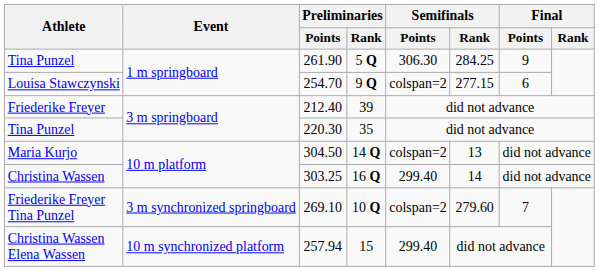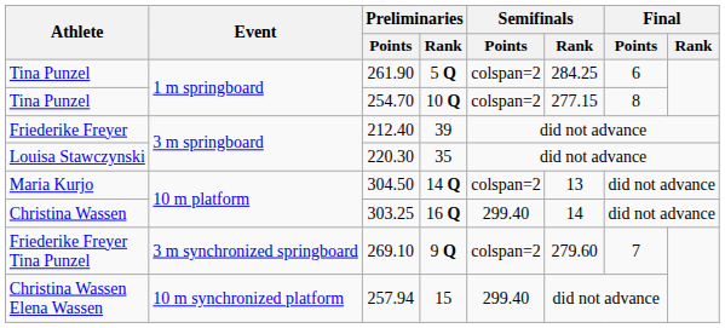 <table class=wikitable style="font-size:90%;">
 <tr>
 <th rowspan="2">Athlete</th>
 <th rowspan="2">Event</th>
 <th colspan="2">Preliminaries</th>
 <th colspan="2">Semifinals</th>
 <th colspan="2">Final</th>
 </tr>
 <tr style="font-size:95%">
 <th>Points</th>
 <th>Rank</th>
 <th>Points</th>
 <th>Rank</th>
 <th>Points</th>
 <th>Rank</th>
 </tr>
 <tr align=center>
 <td align=left><a href='#'>Tina Punzel</a></td>
 <td align=left rowspan=2><a href='#'>1 m springboard</a></td>
 <td>261.90</td>
 <td>5 <strong>Q</strong></td>
-<td>306.30</td>
+<td>colspan=2 </td>
 <td>284.25</td>
-<td>9</td>
+<td>6</td>
 </tr>
 <tr align=center>
-<td align=left><a href='#'>Louisa Stawczynski</a></td>
+<td align=left><a href='#'>Tina Punzel</a></td>
 <td>254.70</td>
-<td>9 <strong>Q</strong></td>
+<td>10 <strong>Q</strong></td>
 <td>colspan=2 </td>
 <td>277.15</td>
-<td>6</td>
+<td>8</td>
 </tr>
 <tr align=center>
 <td align=left><a href='#'>Friederike Freyer</a></td>
 <td align=left rowspan=2><a href='#'>3 m springboard</a></td>
 <td>212.40</td>
 <td>39</td>
 <td colspan=4>did not advance</td>
 </tr>
 <tr align=center>
-<td align=left><a href='#'>Tina Punzel</a></td>
+<td align=left><a href='#'>Louisa Stawczynski</a></td>
 <td>220.30</td>
 <td>35</td>
 <td colspan=4>did not advance</td>
 </tr>
 <tr align=center>
 <td align=left><a href='#'>Maria Kurjo</a></td>
 <td align=left rowspan=2><a href='#'>10 m platform</a></td>
 <td>304.50</td>
 <td>14 <strong>Q</strong></td>
 <td>colspan=2 </td>
 <td>13</td>
 <td colspan=2>did not advance</td>
 </tr>
 <tr align=center>
 <td align=left><a href='#'>Christina Wassen</a></td>
 <td>303.25</td>
 <td>16 <strong>Q</strong></td>
 <td>299.40</td>
 <td>14</td>
 <td colspan=2>did not advance</td>
 </tr>
 <tr align=center>
 <td align=left><a href='#'>Friederike Freyer</a><br><a href='#'>Tina Punzel</a></td>
 <td align=left><a href='#'>3 m synchronized springboard</a></td>
 <td>269.10</td>
-<td>10 <strong>Q</strong></td>
+<td>9 <strong>Q</strong></td>
 <td>colspan=2 </td>
 <td>279.60</td>
 <td>7</td>
 </tr>
 <tr align=center>
 <td align=left><a href='#'>Christina Wassen</a><br><a href='#'>Elena Wassen</a></td>
 <td align=left><a href='#'>10 m synchronized platform</a></td>
 <td>257.94</td>
 <td>15</td>
 <td>299.40</td>
 <td colspan=2>did not advance</td>
 </tr>
 </table>
